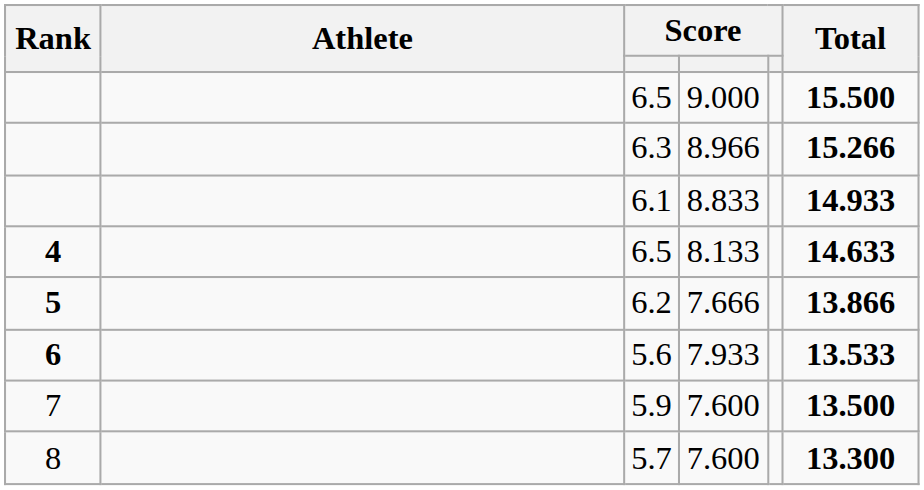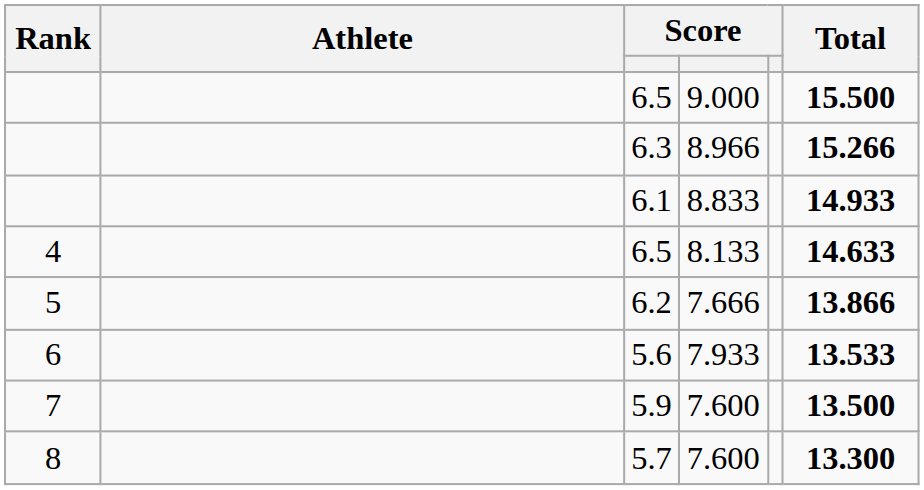 <table class=wikitable style="text-align:center">
 <tr>
 <th width="40" rowspan="2">Rank</th>
 <th width="250" rowspan="2">Athlete</th>
 <th width="60" colspan="3">Score</th>
 <th width="60" rowspan="2">Total</th>
 </tr>
 <tr>
 <th></th>
 <th></th>
 <th></th>
 </tr>
 <tr>
 <td></td>
 <td align="left"></td>
 <td>6.5</td>
 <td>9.000</td>
 <td></td>
 <td><strong>15.500</strong></td>
 </tr>
 <tr>
 <td></td>
 <td align="left"></td>
 <td>6.3</td>
 <td>8.966</td>
 <td></td>
 <td><strong>15.266</strong></td>
 </tr>
 <tr>
 <td></td>
 <td align="left"></td>
 <td>6.1</td>
 <td>8.833</td>
 <td></td>
 <td><strong>14.933</strong></td>
 </tr>
 <tr>
-<td><strong>4</strong></td>
+<td>4</td>
 <td align="left"></td>
 <td>6.5</td>
 <td>8.133</td>
 <td></td>
 <td><strong>14.633</strong></td>
 </tr>
 <tr>
-<td><strong>5</strong></td>
+<td>5</td>
 <td align="left"></td>
 <td>6.2</td>
 <td>7.666</td>
 <td></td>
 <td><strong>13.866</strong></td>
 </tr>
 <tr>
-<td><strong>6</strong></td>
+<td>6</td>
 <td align="left"></td>
 <td>5.6</td>
 <td>7.933</td>
 <td></td>
 <td><strong>13.533</strong></td>
 </tr>
 <tr>
 <td>7</td>
 <td align="left"></td>
 <td>5.9</td>
 <td>7.600</td>
 <td></td>
 <td><strong>13.500</strong></td>
 </tr>
 <tr>
 <td>8</td>
 <td align="left"></td>
 <td>5.7</td>
 <td>7.600</td>
 <td></td>
 <td><strong>13.300</strong></td>
 </tr>
 </table>
